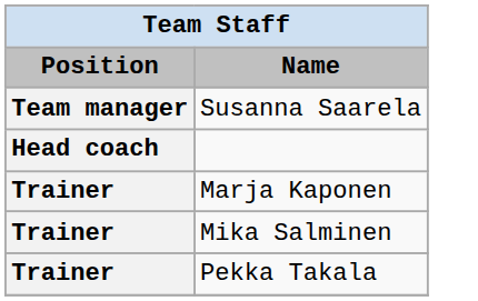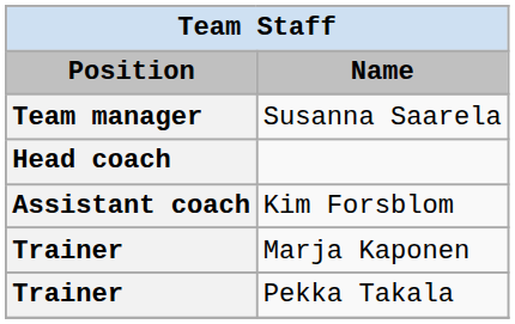 <table class="wikitable" style="text-align:left; font-size:90%;">
 <tr>
 <th style=background:#CEE0F2 colspan=2><span>Team Staff</span></th>
 </tr>
 <tr>
 <th style="background:silver;">Position</th>
 <th style="background:silver;">Name</th>
 </tr>
 <tr>
 <th style="text-align:left;">Team manager</th>
 <td>Susanna Saarela</td>
 </tr>
 <tr>
 <th style="text-align:left;">Head coach</th>
 <td>⁣⁣</td>
 </tr>
 <tr>
-<th style="text-align:left;">Trainer</th>
-<td>Marja Kaponen</td>
+<th style="text-align:left;">Assistant coach</th>
+<td>Kim Forsblom</td>
 </tr>
 <tr>
 <th style="text-align:left;">Trainer</th>
-<td>Mika Salminen</td>
+<td>Marja Kaponen</td>
 </tr>
 <tr>
 <th style="text-align:left;">Trainer</th>
 <td>Pekka Takala</td>
 </tr>
 <tr>
 </tr>
 </table>
